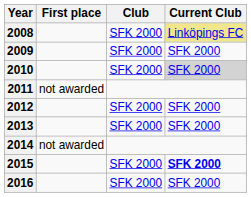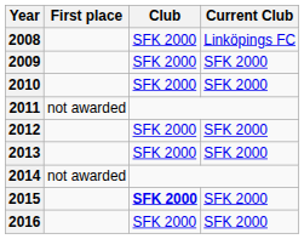 <table class="wikitable plainrowheaders sortable">
 <tr>
 <th scope=col>Year</th>
 <th scope=col>First place</th>
 <th scope=col>Club</th>
 <th scope=col>Current Club</th>
 </tr>
 <tr>
 <th scope=row style=text-align:center>2008</th>
 <td></td>
 <td> <a href='#'>SFK 2000</a></td>
-<td style="background: khaki;"> <a href='#'>Linköpings FC</a></td>
+<td> <a href='#'>Linköpings FC</a></td>
 </tr>
 <tr>
 <th scope=row style=text-align:center>2009</th>
 <td></td>
 <td> <a href='#'>SFK 2000</a></td>
 <td> <a href='#'>SFK 2000</a></td>
 </tr>
 <tr>
 <th scope=row style=text-align:center>2010</th>
 <td></td>
 <td> <a href='#'>SFK 2000</a></td>
-<td style="background: lightgrey;"> <a href='#'>SFK 2000</a></td>
+<td> <a href='#'>SFK 2000</a></td>
 </tr>
 <tr>
 <th scope=row style=text-align:center>2011</th>
 <td>not awarded</td>
 </tr>
 <tr>
 <th scope=row style=text-align:center>2012</th>
 <td></td>
 <td> <a href='#'>SFK 2000</a></td>
 <td> <a href='#'>SFK 2000</a></td>
 </tr>
 <tr>
 <th scope=row style=text-align:center>2013</th>
 <td></td>
 <td> <a href='#'>SFK 2000</a></td>
 <td> <a href='#'>SFK 2000</a></td>
 </tr>
 <tr>
 <th scope=row style=text-align:center>2014</th>
 <td>not awarded</td>
 </tr>
 <tr>
 <th scope=row style=text-align:center>2015</th>
 <td></td>
+<td><strong> <a href='#'>SFK 2000</a></strong></td>
 <td> <a href='#'>SFK 2000</a></td>
-<td><strong> <a href='#'>SFK 2000</a></strong></td>
 </tr>
 <tr>
 <th scope=row style=text-align:center>2016</th>
 <td></td>
 <td> <a href='#'>SFK 2000</a></td>
 <td> <a href='#'>SFK 2000</a></td>
 </tr>
 </table>
